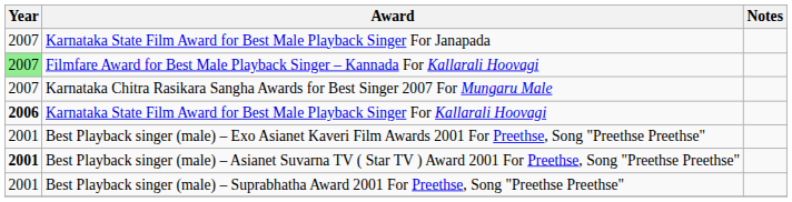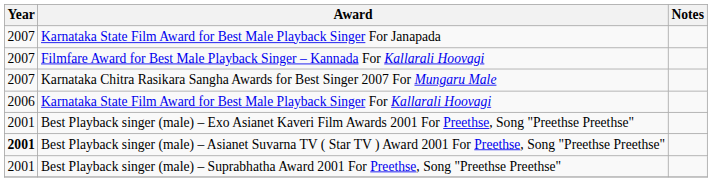 <table class="wikitable sortable">
 <tr>
 <th>Year</th>
 <th>Award</th>
 <th class="unsortable">Notes</th>
 </tr>
 <tr>
 <td>2007</td>
 <td><a href='#'>Karnataka State Film Award for Best Male Playback Singer</a> For Janapada</td>
 <td></td>
 </tr>
 <tr>
-<td style="background: lightgreen;">2007</td>
+<td>2007</td>
 <td><a href='#'>Filmfare Award for Best Male Playback Singer – Kannada</a> For <em><a href='#'>Kallarali Hoovagi</a></em></td>
 <td></td>
 </tr>
 <tr>
 <td>2007</td>
 <td>Karnataka Chitra Rasikara Sangha Awards for Best Singer 2007  For <em><a href='#'>Mungaru Male</a></em></td>
 <td></td>
 </tr>
 <tr>
-<td><strong>2006</strong></td>
+<td>2006</td>
 <td><a href='#'>Karnataka State Film Award for Best Male Playback Singer</a> For <em><a href='#'>Kallarali Hoovagi</a></em></td>
 <td></td>
 </tr>
 <tr>
 <td>2001</td>
 <td>Best Playback singer (male) – Exo Asianet Kaveri Film Awards 2001 For <a href='#'>Preethse</a>, Song "Preethse Preethse"</td>
 <td></td>
 </tr>
 <tr>
 <td><strong>2001</strong></td>
 <td>Best Playback singer (male) – Asianet Suvarna TV ( Star TV ) Award 2001 For <a href='#'>Preethse</a>, Song "Preethse Preethse"</td>
 <td></td>
 </tr>
 <tr>
 <td>2001</td>
 <td>Best Playback singer (male) – Suprabhatha Award 2001 For <a href='#'>Preethse</a>, Song "Preethse Preethse"</td>
 <td></td>
 </tr>
 <tr>
 </tr>
 </table>
